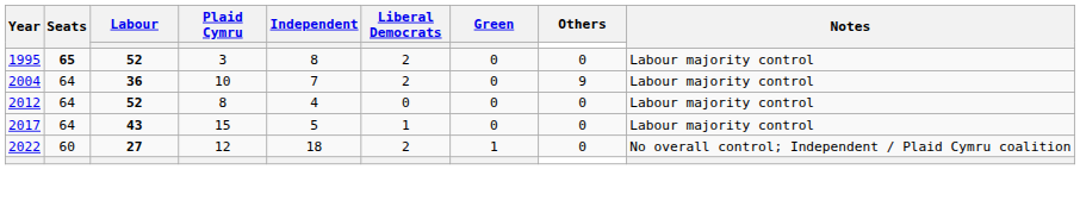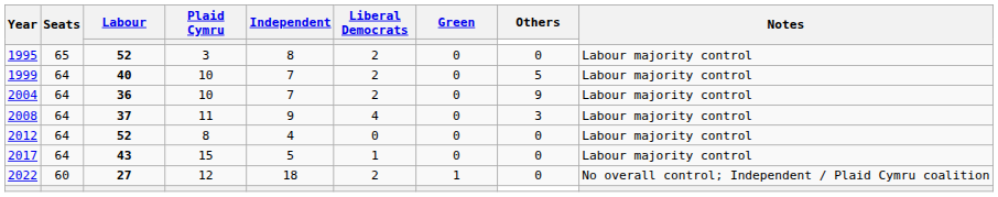 <table class="wikitable" style=text-align:center>
 <tr>
 <th rowspan=2>Year</th>
 <th rowspan=2>Seats</th>
 <th width="80"><a href='#'>Labour</a></th>
 <th width="80"><a href='#'>Plaid Cymru</a></th>
 <th width="80"><a href='#'>Independent</a></th>
 <th width="80"><a href='#'>Liberal Democrats</a></th>
 <th width="80"><a href='#'>Green</a></th>
 <th width="80">Others</th>
 <th rowspan=2>Notes</th>
 </tr>
 <tr>
 <th style="background-color: "></th>
 <th style="background-color: "></th>
 <th style="background-color: "></th>
 <th style="background-color: "></th>
 <th style="background-color: "></th>
 <th style="background-color: white; width: 3px:"></th>
 </tr>
 <tr>
 <td><a href='#'>1995</a></td>
-<td><strong>65</strong></td>
+<td>65</td>
 <td><strong>52</strong></td>
 <td>3</td>
 <td>8</td>
 <td>2</td>
 <td>0</td>
 <td>0</td>
+<td align=left>Labour majority control</td>
+</tr>
+<tr>
+<td><a href='#'>1999</a></td>
+<td>64</td>
+<td><strong>40</strong></td>
+<td>10</td>
+<td>7</td>
+<td>2</td>
+<td>0</td>
+<td>5</td>
 <td align=left>Labour majority control</td>
 </tr>
 <tr>
 <td><a href='#'>2004</a></td>
 <td>64</td>
 <td><strong>36</strong></td>
 <td>10</td>
 <td>7</td>
 <td>2</td>
 <td>0</td>
 <td>9</td>
+<td align=left>Labour majority control</td>
+</tr>
+<tr>
+<td><a href='#'>2008</a></td>
+<td>64</td>
+<td><strong>37</strong></td>
+<td>11</td>
+<td>9</td>
+<td>4</td>
+<td>0</td>
+<td>3</td>
 <td align=left>Labour majority control</td>
 </tr>
 <tr>
 <td><a href='#'>2012</a></td>
 <td>64</td>
 <td><strong>52</strong></td>
 <td>8</td>
 <td>4</td>
 <td>0</td>
 <td>0</td>
 <td>0</td>
 <td align=left>Labour majority control</td>
 </tr>
 <tr>
 <td><a href='#'>2017</a></td>
 <td>64</td>
 <td><strong>43</strong></td>
 <td>15</td>
 <td>5</td>
 <td>1</td>
 <td>0</td>
 <td>0</td>
 <td align=left>Labour majority control</td>
 </tr>
 <tr>
 <td><a href='#'>2022</a></td>
 <td>60</td>
 <td><strong>27</strong></td>
 <td>12</td>
 <td>18</td>
 <td>2</td>
 <td>1</td>
 <td>0</td>
 <td align=left>No overall control; Independent / Plaid Cymru coalition</td>
 </tr>
 <tr>
 <th></th>
 <th></th>
 <th style="background-color: "></th>
 <th style="background-color: "></th>
 <th style="background-color: "></th>
 <th style="background-color: "></th>
 <th style="background-color: "></th>
 <th style="background-color: white; width: 3px:"></th>
 <th></th>
 </tr>
 </table>
